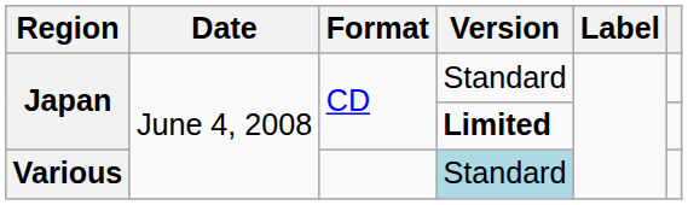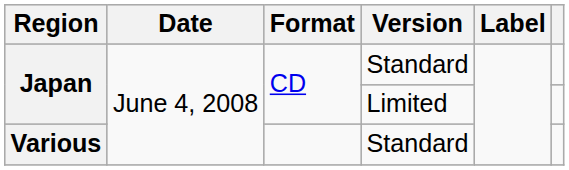 <table class="wikitable plainrowheaders">
 <tr>
 <th scope="col">Region</th>
 <th scope="col">Date</th>
 <th scope="col">Format</th>
 <th>Version</th>
 <th scope="col">Label</th>
 <th scope="col"></th>
 </tr>
 <tr>
 <th rowspan="2" scope="row">Japan</th>
 <td rowspan="3">June 4, 2008</td>
 <td rowspan="2"><a href='#'>CD</a></td>
 <td>Standard</td>
 <td rowspan="3"></td>
 <td align="center"></td>
 </tr>
 <tr>
-<td><strong>Limited</strong></td>
+<td>Limited</td>
 <td align="center"></td>
 </tr>
 <tr>
 <th scope="row">Various</th>
 <td></td>
-<td style="background: lightblue;">Standard</td>
+<td>Standard</td>
 <td align="center"></td>
 </tr>
 </table>
